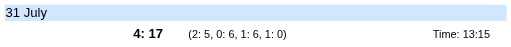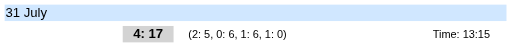 <table style="text-align:center">
 <tr style="text-align:left; background:#d0e7ff;">
 <td colspan=6>31 July</td>
 </tr>
 <tr style="font-size:90%; vertical-align:top;">
 <th width=140></th>
 <th width=60></th>
 <th width=150></th>
 <th width=140></th>
 <th width=100></th>
 </tr>
 <tr>
 <td align=right></td>
-<td><strong>4: 17</strong></td>
+<td style="background: lightgrey;"><strong>4: 17</strong></td>
 <td><small>(2: 5, 0: 6, 1: 6, 1: 0)</small></td>
 <td align=left></td>
 <td><small>Time: 13:15</small></td>
 <td></td>
 </tr>
 </table>
